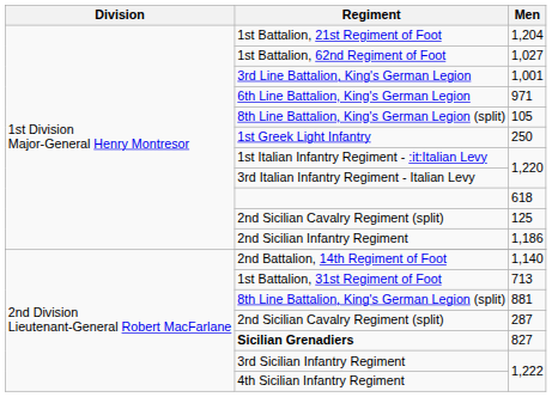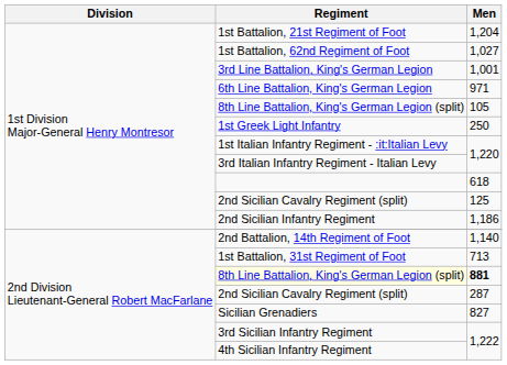 <table class="wikitable">
 <tr>
 <th style=>Division</th>
 <th style=>Regiment</th>
 <th style=>Men</th>
 </tr>
 <tr>
 <td rowspan=11>1st Division<br>Major-General <a href='#'>Henry Montresor</a></td>
 <td>1st Battalion, <a href='#'>21st Regiment of Foot</a></td>
 <td>1,204</td>
 </tr>
 <tr>
 <td>1st Battalion, <a href='#'>62nd Regiment of Foot</a></td>
 <td>1,027</td>
 </tr>
 <tr>
 <td><a href='#'>3rd Line Battalion, King's German Legion</a></td>
 <td>1,001</td>
 </tr>
 <tr>
 <td><a href='#'>6th Line Battalion, King's German Legion</a></td>
 <td>971</td>
 </tr>
 <tr>
 <td><a href='#'>8th Line Battalion, King's German Legion</a> (split)</td>
 <td>105</td>
 </tr>
 <tr>
 <td><a href='#'>1st Greek Light Infantry</a></td>
 <td>250</td>
 </tr>
 <tr>
 <td>1st Italian Infantry Regiment  - <a href='#'>:it:Italian Levy</a></td>
 <td rowspan=2>1,220</td>
 </tr>
 <tr>
 <td>3rd Italian Infantry Regiment - Italian Levy</td>
 </tr>
 <tr>
 <td></td>
 <td>618</td>
 </tr>
 <tr>
 <td>2nd Sicilian Cavalry Regiment (split)</td>
 <td>125</td>
 </tr>
 <tr>
 <td>2nd Sicilian Infantry Regiment</td>
 <td>1,186</td>
 </tr>
 <tr>
 <td rowspan=100>2nd Division<br>Lieutenant-General <a href='#'>Robert MacFarlane</a></td>
 </tr>
 <tr>
 <td>2nd Battalion, <a href='#'>14th Regiment of Foot</a></td>
 <td>1,140</td>
 </tr>
 <tr>
 <td>1st Battalion, <a href='#'>31st Regiment of Foot</a></td>
 <td>713</td>
 </tr>
 <tr>
-<td><a href='#'>8th Line Battalion, King's German Legion</a> (split)</td>
-<td>881</td>
+<td style="background: lightyellow;"><a href='#'>8th Line Battalion, King's German Legion</a> (split)</td>
+<td><strong>881</strong></td>
 </tr>
 <tr>
 <td>2nd Sicilian Cavalry Regiment (split)</td>
 <td>287</td>
 </tr>
 <tr>
-<td><strong>Sicilian Grenadiers</strong></td>
+<td>Sicilian Grenadiers</td>
 <td>827</td>
 </tr>
 <tr>
 <td>3rd Sicilian Infantry Regiment</td>
 <td rowspan=2>1,222</td>
 </tr>
 <tr>
 <td>4th Sicilian Infantry Regiment</td>
 </tr>
 </table>
